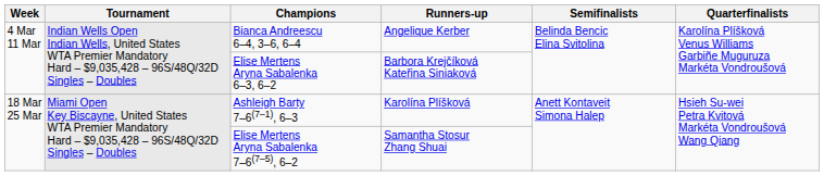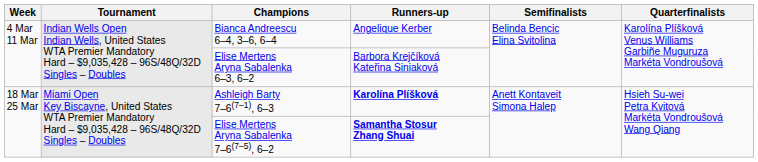 <table class=wikitable style=font-size:95%>
 <tr>
 <th style="width:48px;">Week</th>
 <th style="width:248px;">Tournament</th>
 <th style="width:200px;">Champions</th>
 <th style="width:200px;">Runners-up</th>
 <th style="width:190px;">Semifinalists</th>
 <th style="width:190px;">Quarterfinalists</th>
 </tr>
 <tr valign=top>
 <td rowspan=2>4 Mar <br>11 Mar</td>
 <td style="background:#e9e9e9;" rowspan="2"><a href='#'>Indian Wells Open</a><br> <a href='#'>Indian Wells</a>, United States<br>WTA Premier Mandatory<br>Hard – $9,035,428 – 96S/48Q/32D<br><a href='#'>Singles</a> – <a href='#'>Doubles</a></td>
 <td> <a href='#'>Bianca Andreescu</a> <br> 6–4, 3–6, 6–4</td>
 <td> <a href='#'>Angelique Kerber</a></td>
 <td rowspan=2> <a href='#'>Belinda Bencic</a> <br>  <a href='#'>Elina Svitolina</a></td>
 <td rowspan=2> <a href='#'>Karolína Plíšková</a> <br> <a href='#'>Venus Williams</a> <br> <a href='#'>Garbiñe Muguruza</a><br>  <a href='#'>Markéta Vondroušová</a></td>
 </tr>
 <tr valign=top>
 <td> <a href='#'>Elise Mertens</a> <br>  <a href='#'>Aryna Sabalenka</a><br> 6–3, 6–2</td>
 <td> <a href='#'>Barbora Krejčíková</a> <br> <a href='#'>Kateřina Siniaková</a></td>
 </tr>
 <tr valign=top>
 <td rowspan=2>18 Mar <br>25 Mar</td>
 <td style="background:#e9e9e9;" rowspan="2"><a href='#'>Miami Open</a><br> <a href='#'>Key Biscayne</a>, United States<br>WTA Premier Mandatory<br>Hard – $9,035,428 – 96S/48Q/32D<br><a href='#'>Singles</a> – <a href='#'>Doubles</a></td>
 <td> <a href='#'>Ashleigh Barty</a> <br>7–6<sup>(7–1)</sup>, 6–3</td>
-<td> <a href='#'>Karolína Plíšková</a></td>
+<td><strong> <a href='#'>Karolína Plíšková</a></strong></td>
 <td rowspan=2> <a href='#'>Anett Kontaveit</a> <br>  <a href='#'>Simona Halep</a></td>
 <td rowspan=2> <a href='#'>Hsieh Su-wei</a> <br> <a href='#'>Petra Kvitová</a> <br> <a href='#'>Markéta Vondroušová</a> <br>  <a href='#'>Wang Qiang</a></td>
 </tr>
 <tr valign=top>
 <td> <a href='#'>Elise Mertens</a> <br>  <a href='#'>Aryna Sabalenka</a><br> 7–6<sup>(7–5)</sup>, 6–2</td>
-<td> <a href='#'>Samantha Stosur</a> <br>  <a href='#'>Zhang Shuai</a></td>
+<td><strong> <a href='#'>Samantha Stosur</a> <br>  <a href='#'>Zhang Shuai</a></strong></td>
 </tr>
 </table>
